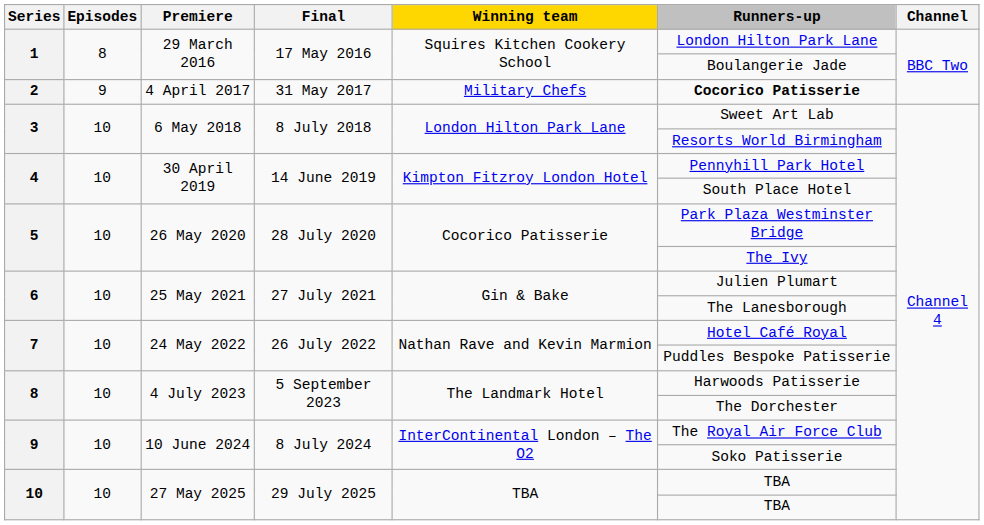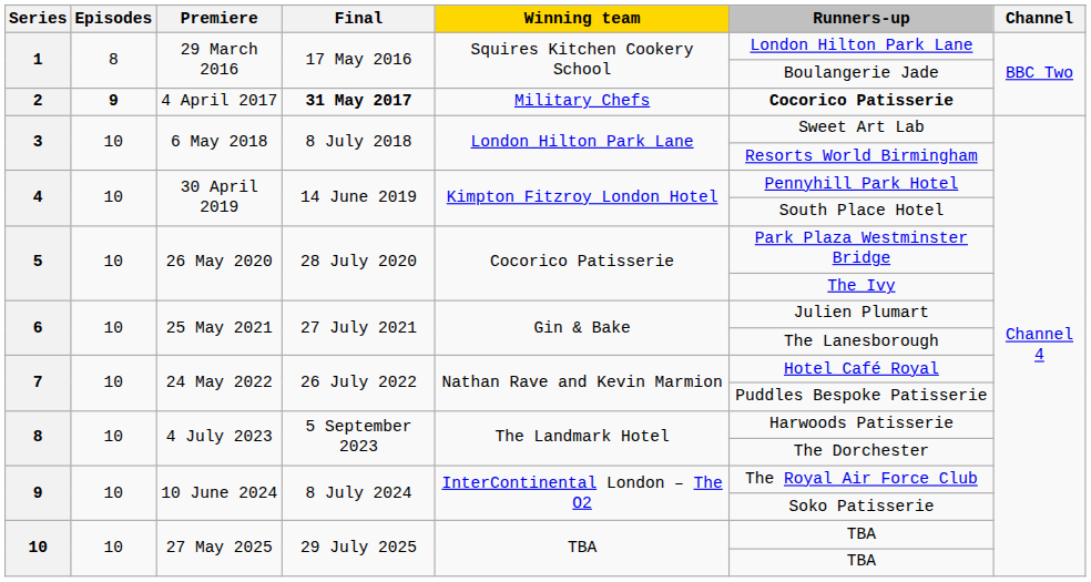 <table class="wikitable"  style="text-align:center; line-height:16px;">
 <tr>
 <th scope="col">Series</th>
 <th scope="col">Episodes</th>
 <th scope="col">Premiere</th>
 <th scope="col">Final</th>
 <th style="background:gold;">Winning team</th>
 <th style="background:silver;">Runners-up</th>
 <th scope="col">Channel</th>
 </tr>
 <tr>
 <th scope="row" rowspan="2">1</th>
 <td rowspan="2">8</td>
 <td rowspan="2">29 March 2016</td>
 <td rowspan="2">17 May 2016</td>
 <td rowspan="2">Squires Kitchen Cookery School</td>
 <td><a href='#'>London Hilton Park Lane</a></td>
 <td rowspan="3"><a href='#'>BBC Two</a></td>
 </tr>
 <tr>
 <td>Boulangerie Jade</td>
 </tr>
 <tr>
 <th scope="row">2</th>
-<td>9</td>
+<td><strong>9</strong></td>
 <td>4 April 2017</td>
-<td>31 May 2017</td>
+<td><strong>31 May 2017</strong></td>
 <td><a href='#'>Military Chefs</a></td>
 <td><strong>Cocorico Patisserie</strong></td>
 </tr>
 <tr>
 <th scope="row" rowspan="2">3</th>
 <td rowspan="2">10</td>
 <td rowspan="2">6 May 2018</td>
 <td rowspan="2">8 July 2018</td>
 <td rowspan="2"><a href='#'>London Hilton Park Lane</a></td>
 <td>Sweet Art Lab</td>
 <td rowspan="16"><a href='#'>Channel 4</a></td>
 </tr>
 <tr>
 <td><a href='#'>Resorts World Birmingham</a></td>
 </tr>
 <tr>
 <th scope="row" rowspan="2">4</th>
 <td rowspan="2">10</td>
 <td rowspan="2">30 April 2019</td>
 <td rowspan="2">14 June 2019</td>
 <td rowspan="2"><a href='#'>Kimpton Fitzroy London Hotel</a></td>
 <td><a href='#'>Pennyhill Park Hotel</a></td>
 </tr>
 <tr>
 <td>South Place Hotel</td>
 </tr>
 <tr>
 <th scope="row" rowspan="2">5</th>
 <td rowspan="2">10</td>
 <td rowspan="2">26 May 2020</td>
 <td rowspan="2">28 July 2020</td>
 <td rowspan="2">Cocorico Patisserie</td>
 <td><a href='#'>Park Plaza Westminster Bridge</a></td>
 </tr>
 <tr>
 <td><a href='#'>The Ivy</a></td>
 </tr>
 <tr>
 <th scope="row" rowspan="2">6</th>
 <td rowspan="2">10</td>
 <td rowspan="2">25 May 2021</td>
 <td rowspan="2">27 July 2021</td>
 <td rowspan="2">Gin & Bake</td>
 <td>Julien Plumart</td>
 </tr>
 <tr>
 <td>The Lanesborough</td>
 </tr>
 <tr>
 <th scope="row" rowspan="2">7</th>
 <td rowspan="2">10</td>
 <td rowspan="2">24 May 2022</td>
 <td rowspan="2">26 July 2022</td>
 <td rowspan="2">Nathan Rave and Kevin Marmion</td>
 <td><a href='#'>Hotel Café Royal</a></td>
 </tr>
 <tr>
 <td>Puddles Bespoke Patisserie</td>
 </tr>
 <tr>
 <th scope="row" rowspan="2">8</th>
 <td rowspan="2">10</td>
 <td rowspan="2">4 July 2023</td>
 <td rowspan="2">5 September 2023</td>
 <td rowspan="2">The Landmark Hotel</td>
 <td>Harwoods Patisserie</td>
 </tr>
 <tr>
 <td>The Dorchester</td>
 </tr>
 <tr>
 <th scope="row" rowspan="2">9</th>
 <td rowspan="2">10</td>
 <td rowspan="2">10 June 2024</td>
 <td rowspan="2">8 July 2024</td>
 <td rowspan="2"><a href='#'>InterContinental</a> London – <a href='#'>The O2</a></td>
 <td>The <a href='#'>Royal Air Force Club</a></td>
 </tr>
 <tr>
 <td>Soko Patisserie</td>
 </tr>
 <tr>
 <th scope="row" rowspan="2">10</th>
 <td rowspan="2">10</td>
 <td rowspan="2">27 May 2025</td>
 <td rowspan="2">29 July 2025</td>
 <td rowspan="2">TBA</td>
 <td>TBA</td>
 </tr>
 <tr>
 <td>TBA</td>
 </tr>
 </table>
